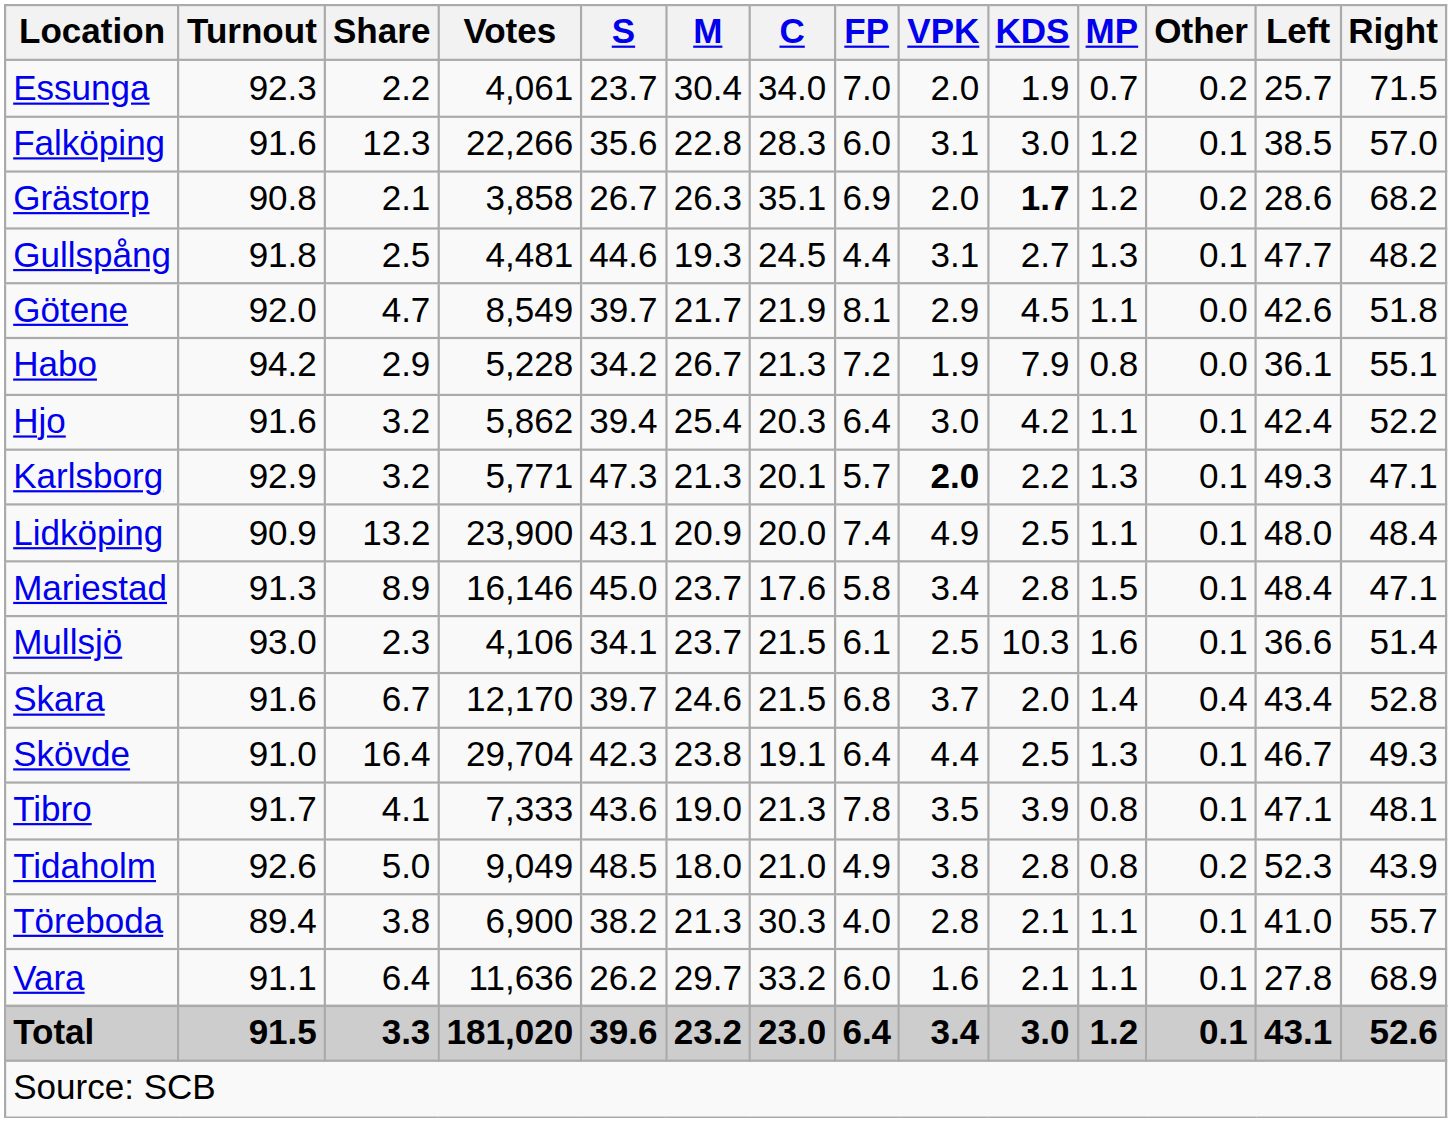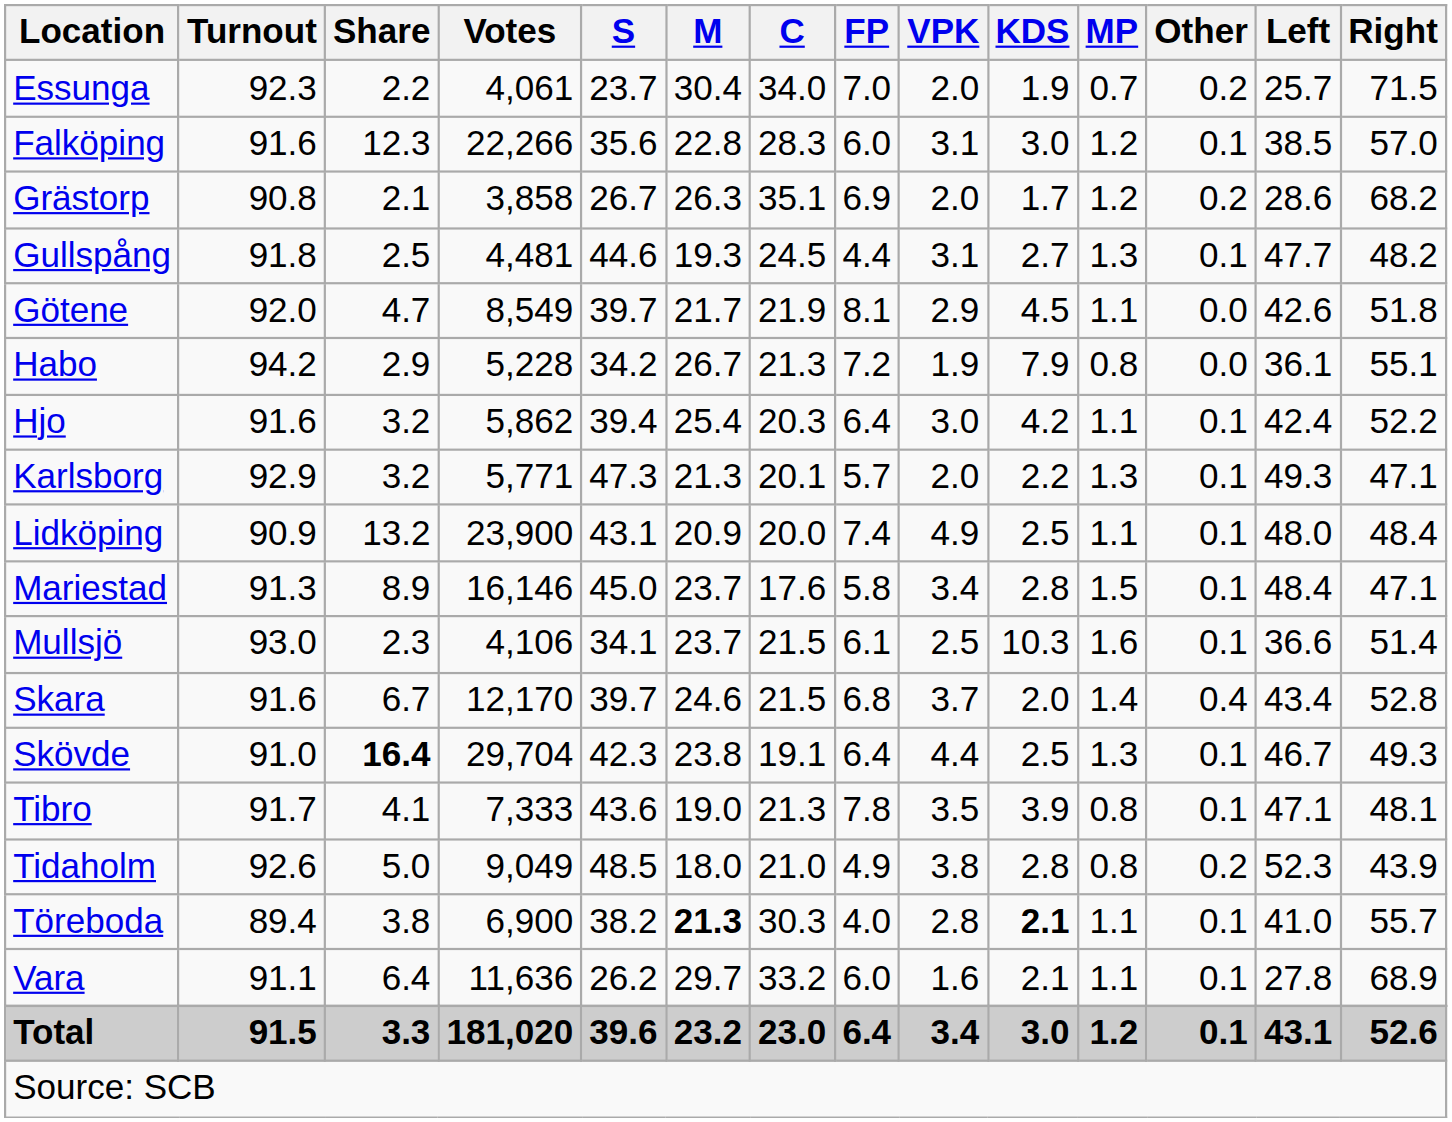 <table class="wikitable sortable" style=text-align:right>
 <tr>
 <th>Location</th>
 <th>Turnout</th>
 <th>Share</th>
 <th>Votes</th>
 <th><a href='#'>S</a></th>
 <th><a href='#'>M</a></th>
 <th><a href='#'>C</a></th>
 <th><a href='#'>FP</a></th>
 <th><a href='#'>VPK</a></th>
 <th><a href='#'>KDS</a></th>
 <th><a href='#'>MP</a></th>
 <th>Other</th>
 <th>Left</th>
 <th>Right</th>
 </tr>
 <tr>
 <td align=left><a href='#'>Essunga</a></td>
 <td>92.3</td>
 <td>2.2</td>
 <td>4,061</td>
 <td>23.7</td>
 <td>30.4</td>
 <td>34.0</td>
 <td>7.0</td>
 <td>2.0</td>
 <td>1.9</td>
 <td>0.7</td>
 <td>0.2</td>
 <td>25.7</td>
 <td>71.5</td>
 </tr>
 <tr>
 <td align=left><a href='#'>Falköping</a></td>
 <td>91.6</td>
 <td>12.3</td>
 <td>22,266</td>
 <td>35.6</td>
 <td>22.8</td>
 <td>28.3</td>
 <td>6.0</td>
 <td>3.1</td>
 <td>3.0</td>
 <td>1.2</td>
 <td>0.1</td>
 <td>38.5</td>
 <td>57.0</td>
 </tr>
 <tr>
 <td align=left><a href='#'>Grästorp</a></td>
 <td>90.8</td>
 <td>2.1</td>
 <td>3,858</td>
 <td>26.7</td>
 <td>26.3</td>
 <td>35.1</td>
 <td>6.9</td>
 <td>2.0</td>
-<td><strong>1.7</strong></td>
+<td>1.7</td>
 <td>1.2</td>
 <td>0.2</td>
 <td>28.6</td>
 <td>68.2</td>
 </tr>
 <tr>
 <td align=left><a href='#'>Gullspång</a></td>
 <td>91.8</td>
 <td>2.5</td>
 <td>4,481</td>
 <td>44.6</td>
 <td>19.3</td>
 <td>24.5</td>
 <td>4.4</td>
 <td>3.1</td>
 <td>2.7</td>
 <td>1.3</td>
 <td>0.1</td>
 <td>47.7</td>
 <td>48.2</td>
 </tr>
 <tr>
 <td align=left><a href='#'>Götene</a></td>
 <td>92.0</td>
 <td>4.7</td>
 <td>8,549</td>
 <td>39.7</td>
 <td>21.7</td>
 <td>21.9</td>
 <td>8.1</td>
 <td>2.9</td>
 <td>4.5</td>
 <td>1.1</td>
 <td>0.0</td>
 <td>42.6</td>
 <td>51.8</td>
 </tr>
 <tr>
 <td align=left><a href='#'>Habo</a></td>
 <td>94.2</td>
 <td>2.9</td>
 <td>5,228</td>
 <td>34.2</td>
 <td>26.7</td>
 <td>21.3</td>
 <td>7.2</td>
 <td>1.9</td>
 <td>7.9</td>
 <td>0.8</td>
 <td>0.0</td>
 <td>36.1</td>
 <td>55.1</td>
 </tr>
 <tr>
 <td align=left><a href='#'>Hjo</a></td>
 <td>91.6</td>
 <td>3.2</td>
 <td>5,862</td>
 <td>39.4</td>
 <td>25.4</td>
 <td>20.3</td>
 <td>6.4</td>
 <td>3.0</td>
 <td>4.2</td>
 <td>1.1</td>
 <td>0.1</td>
 <td>42.4</td>
 <td>52.2</td>
 </tr>
 <tr>
 <td align=left><a href='#'>Karlsborg</a></td>
 <td>92.9</td>
 <td>3.2</td>
 <td>5,771</td>
 <td>47.3</td>
 <td>21.3</td>
 <td>20.1</td>
 <td>5.7</td>
-<td><strong>2.0</strong></td>
+<td>2.0</td>
 <td>2.2</td>
 <td>1.3</td>
 <td>0.1</td>
 <td>49.3</td>
 <td>47.1</td>
 </tr>
 <tr>
 <td align=left><a href='#'>Lidköping</a></td>
 <td>90.9</td>
 <td>13.2</td>
 <td>23,900</td>
 <td>43.1</td>
 <td>20.9</td>
 <td>20.0</td>
 <td>7.4</td>
 <td>4.9</td>
 <td>2.5</td>
 <td>1.1</td>
 <td>0.1</td>
 <td>48.0</td>
 <td>48.4</td>
 </tr>
 <tr>
 <td align=left><a href='#'>Mariestad</a></td>
 <td>91.3</td>
 <td>8.9</td>
 <td>16,146</td>
 <td>45.0</td>
 <td>23.7</td>
 <td>17.6</td>
 <td>5.8</td>
 <td>3.4</td>
 <td>2.8</td>
 <td>1.5</td>
 <td>0.1</td>
 <td>48.4</td>
 <td>47.1</td>
 </tr>
 <tr>
 <td align=left><a href='#'>Mullsjö</a></td>
 <td>93.0</td>
 <td>2.3</td>
 <td>4,106</td>
 <td>34.1</td>
 <td>23.7</td>
 <td>21.5</td>
 <td>6.1</td>
 <td>2.5</td>
 <td>10.3</td>
 <td>1.6</td>
 <td>0.1</td>
 <td>36.6</td>
 <td>51.4</td>
 </tr>
 <tr>
 <td align=left><a href='#'>Skara</a></td>
 <td>91.6</td>
 <td>6.7</td>
 <td>12,170</td>
 <td>39.7</td>
 <td>24.6</td>
 <td>21.5</td>
 <td>6.8</td>
 <td>3.7</td>
 <td>2.0</td>
 <td>1.4</td>
 <td>0.4</td>
 <td>43.4</td>
 <td>52.8</td>
 </tr>
 <tr>
 <td align=left><a href='#'>Skövde</a></td>
 <td>91.0</td>
-<td>16.4</td>
+<td><strong>16.4</strong></td>
 <td>29,704</td>
 <td>42.3</td>
 <td>23.8</td>
 <td>19.1</td>
 <td>6.4</td>
 <td>4.4</td>
 <td>2.5</td>
 <td>1.3</td>
 <td>0.1</td>
 <td>46.7</td>
 <td>49.3</td>
 </tr>
 <tr>
 <td align=left><a href='#'>Tibro</a></td>
 <td>91.7</td>
 <td>4.1</td>
 <td>7,333</td>
 <td>43.6</td>
 <td>19.0</td>
 <td>21.3</td>
 <td>7.8</td>
 <td>3.5</td>
 <td>3.9</td>
 <td>0.8</td>
 <td>0.1</td>
 <td>47.1</td>
 <td>48.1</td>
 </tr>
 <tr>
 <td align=left><a href='#'>Tidaholm</a></td>
 <td>92.6</td>
 <td>5.0</td>
 <td>9,049</td>
 <td>48.5</td>
 <td>18.0</td>
 <td>21.0</td>
 <td>4.9</td>
 <td>3.8</td>
 <td>2.8</td>
 <td>0.8</td>
 <td>0.2</td>
 <td>52.3</td>
 <td>43.9</td>
 </tr>
 <tr>
 <td align=left><a href='#'>Töreboda</a></td>
 <td>89.4</td>
 <td>3.8</td>
 <td>6,900</td>
 <td>38.2</td>
-<td>21.3</td>
+<td><strong>21.3</strong></td>
 <td>30.3</td>
 <td>4.0</td>
 <td>2.8</td>
-<td>2.1</td>
+<td><strong>2.1</strong></td>
 <td>1.1</td>
 <td>0.1</td>
 <td>41.0</td>
 <td>55.7</td>
 </tr>
 <tr>
 <td align=left><a href='#'>Vara</a></td>
 <td>91.1</td>
 <td>6.4</td>
 <td>11,636</td>
 <td>26.2</td>
 <td>29.7</td>
 <td>33.2</td>
 <td>6.0</td>
 <td>1.6</td>
 <td>2.1</td>
 <td>1.1</td>
 <td>0.1</td>
 <td>27.8</td>
 <td>68.9</td>
 </tr>
 <tr>
 </tr>
 <tr style="background:#CDCDCD;">
 <td align=left><strong>Total</strong></td>
 <td><strong>91.5</strong></td>
 <td><strong>3.3</strong></td>
 <td><strong>181,020</strong></td>
 <td><strong>39.6</strong></td>
 <td><strong>23.2</strong></td>
 <td><strong>23.0</strong></td>
 <td><strong>6.4</strong></td>
 <td><strong>3.4</strong></td>
 <td><strong>3.0</strong></td>
 <td><strong>1.2</strong></td>
 <td><strong>0.1</strong></td>
 <td><strong>43.1</strong></td>
 <td><strong>52.6</strong></td>
 </tr>
 <tr>
 <td align=left colspan=14>Source: SCB </td>
 </tr>
 </table>
